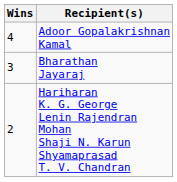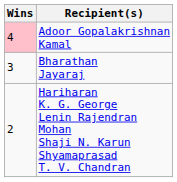 <table class="wikitable">
 <tr>
 <th>Wins</th>
 <th>Recipient(s)</th>
 </tr>
 <tr>
-<td>4</td>
+<td style="background: pink;">4</td>
 <td><a href='#'>Adoor Gopalakrishnan</a><br><a href='#'>Kamal</a></td>
 </tr>
 <tr>
 <td>3</td>
 <td><a href='#'>Bharathan</a><br><a href='#'>Jayaraj</a></td>
 </tr>
 <tr>
 <td>2</td>
 <td><a href='#'>Hariharan</a><br><a href='#'>K. G. George</a><br><a href='#'>Lenin Rajendran</a><br><a href='#'>Mohan</a><br><a href='#'>Shaji N. Karun</a><br><a href='#'>Shyamaprasad</a><br><a href='#'>T. V. Chandran</a></td>
 </tr>
 </table>
